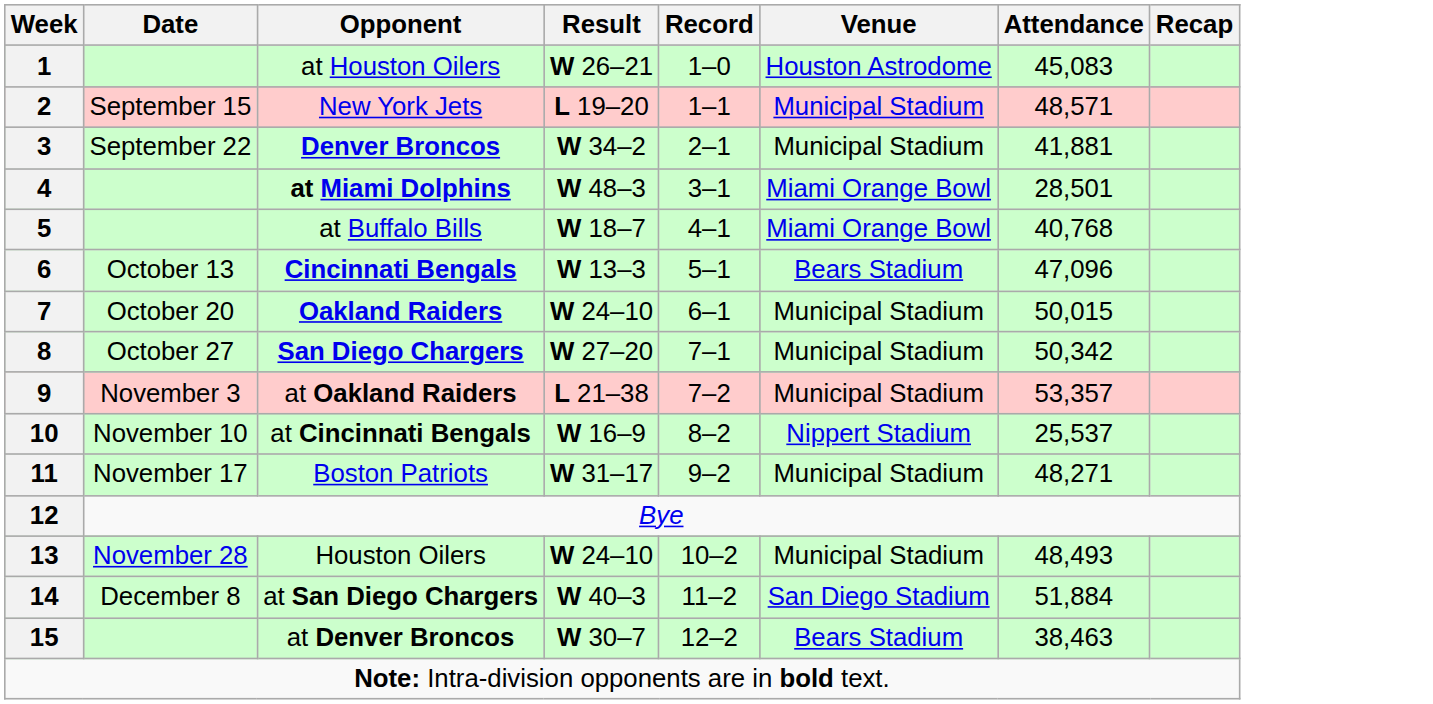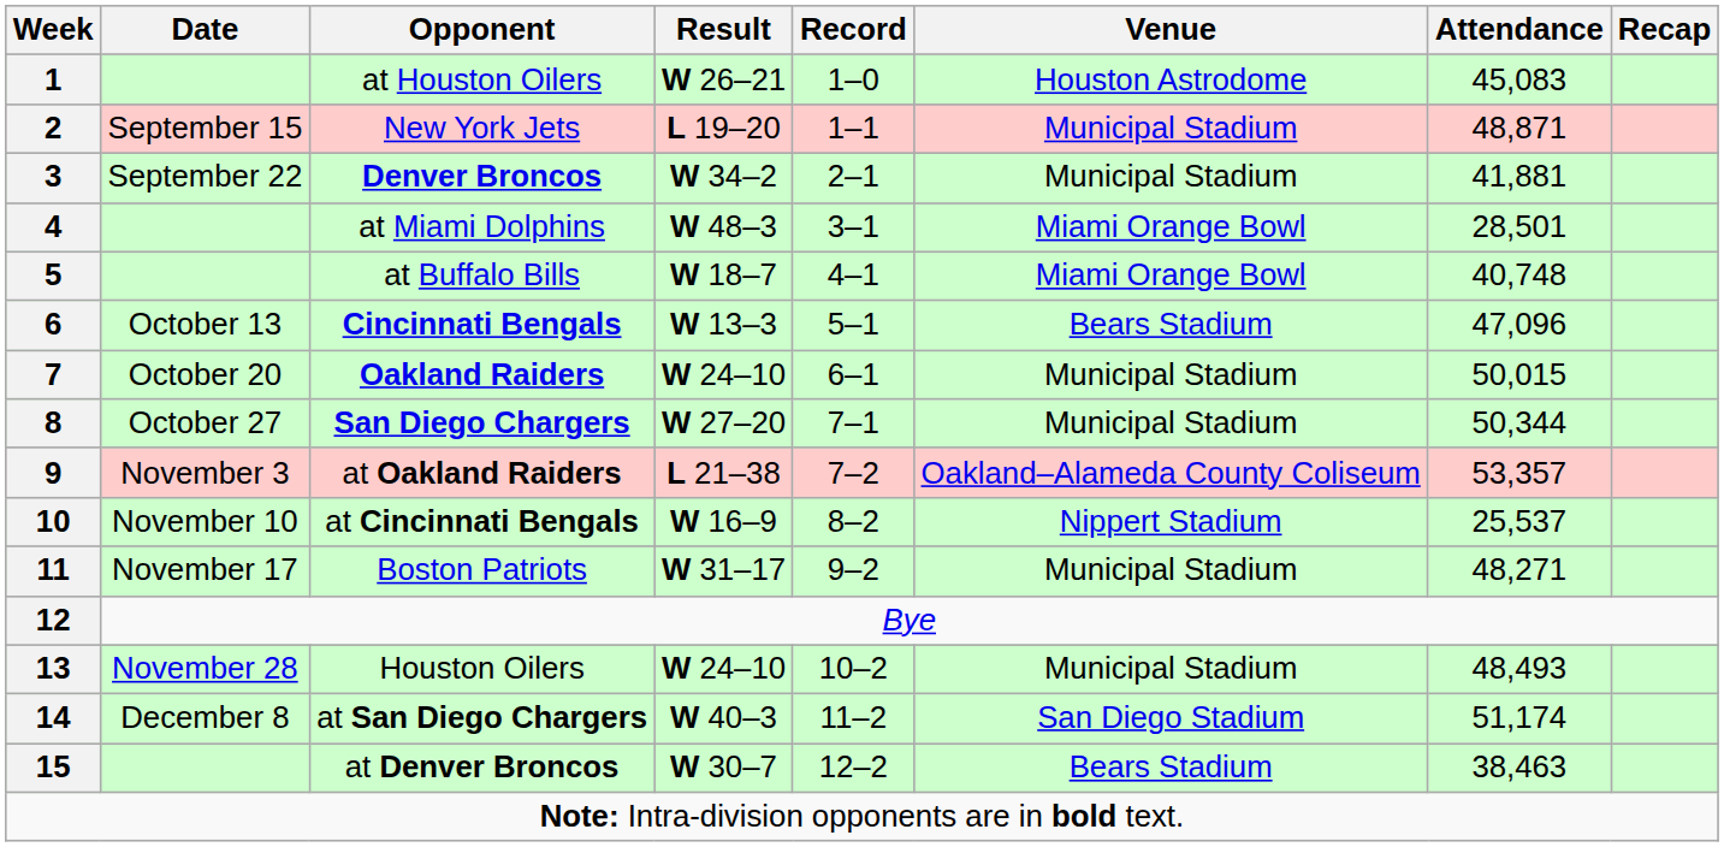 <table class="wikitable" style="text-align:center">
 <tr>
 <th>Week</th>
 <th>Date</th>
 <th>Opponent</th>
 <th>Result</th>
 <th>Record</th>
 <th>Venue</th>
 <th>Attendance</th>
 <th>Recap</th>
 </tr>
 <tr style="background:#cfc">
 <th>1</th>
 <td></td>
 <td>at <a href='#'>Houston Oilers</a></td>
 <td><strong>W</strong> 26–21</td>
 <td>1–0</td>
 <td><a href='#'>Houston Astrodome</a></td>
 <td>45,083</td>
 <td></td>
 </tr>
 <tr style="background:#fcc">
 <th>2</th>
 <td>September 15</td>
 <td><a href='#'>New York Jets</a></td>
 <td><strong>L</strong> 19–20</td>
 <td>1–1</td>
 <td><a href='#'>Municipal Stadium</a></td>
-<td>48,571</td>
+<td>48,871</td>
 <td></td>
 </tr>
 <tr style="background:#cfc">
 <th>3</th>
 <td>September 22</td>
 <td><strong><a href='#'>Denver Broncos</a></strong></td>
 <td><strong>W</strong> 34–2</td>
 <td>2–1</td>
 <td>Municipal Stadium</td>
 <td>41,881</td>
 <td></td>
 </tr>
 <tr style="background:#cfc">
 <th>4</th>
 <td></td>
-<td><strong>at <a href='#'>Miami Dolphins</a></strong></td>
+<td>at <a href='#'>Miami Dolphins</a></td>
 <td><strong>W</strong> 48–3</td>
 <td>3–1</td>
 <td><a href='#'>Miami Orange Bowl</a></td>
 <td>28,501</td>
 <td></td>
 </tr>
 <tr style="background:#cfc">
 <th>5</th>
 <td></td>
 <td>at <a href='#'>Buffalo Bills</a></td>
 <td><strong>W</strong> 18–7</td>
 <td>4–1</td>
 <td><a href='#'>Miami Orange Bowl</a></td>
-<td>40,768</td>
+<td>40,748</td>
 <td></td>
 </tr>
 <tr style="background:#cfc">
 <th>6</th>
 <td>October 13</td>
 <td><strong><a href='#'>Cincinnati Bengals</a></strong></td>
 <td><strong>W</strong> 13–3</td>
 <td>5–1</td>
 <td><a href='#'>Bears Stadium</a></td>
 <td>47,096</td>
 <td></td>
 </tr>
 <tr style="background:#cfc">
 <th>7</th>
 <td>October 20</td>
 <td><strong><a href='#'>Oakland Raiders</a></strong></td>
 <td><strong>W</strong> 24–10</td>
 <td>6–1</td>
 <td>Municipal Stadium</td>
 <td>50,015</td>
 <td></td>
 </tr>
 <tr style="background:#cfc">
 <th>8</th>
 <td>October 27</td>
 <td><strong><a href='#'>San Diego Chargers</a></strong></td>
 <td><strong>W</strong> 27–20</td>
 <td>7–1</td>
 <td>Municipal Stadium</td>
-<td>50,342</td>
+<td>50,344</td>
 <td></td>
 </tr>
 <tr style="background:#fcc">
 <th>9</th>
 <td>November 3</td>
 <td>at <strong>Oakland Raiders</strong></td>
 <td><strong>L</strong> 21–38</td>
 <td>7–2</td>
-<td>Municipal Stadium</td>
+<td><a href='#'>Oakland–Alameda County Coliseum</a></td>
 <td>53,357</td>
 <td></td>
 </tr>
 <tr style="background:#cfc">
 <th>10</th>
 <td>November 10</td>
 <td>at <strong>Cincinnati Bengals</strong></td>
 <td><strong>W</strong> 16–9</td>
 <td>8–2</td>
 <td><a href='#'>Nippert Stadium</a></td>
 <td>25,537</td>
 <td></td>
 </tr>
 <tr style="background:#cfc">
 <th>11</th>
 <td>November 17</td>
 <td><a href='#'>Boston Patriots</a></td>
 <td><strong>W</strong> 31–17</td>
 <td>9–2</td>
 <td>Municipal Stadium</td>
 <td>48,271</td>
 <td></td>
 </tr>
 <tr>
 <th>12</th>
 <td colspan="7"><em><a href='#'>Bye</a></em></td>
 </tr>
 <tr style="background:#cfc">
 <th>13</th>
 <td><a href='#'>November 28</a></td>
 <td>Houston Oilers</td>
 <td><strong>W</strong> 24–10</td>
 <td>10–2</td>
 <td>Municipal Stadium</td>
 <td>48,493</td>
 <td></td>
 </tr>
 <tr style="background:#cfc">
 <th>14</th>
 <td>December 8</td>
 <td>at <strong>San Diego Chargers</strong></td>
 <td><strong>W</strong> 40–3</td>
 <td>11–2</td>
 <td><a href='#'>San Diego Stadium</a></td>
-<td>51,884</td>
+<td>51,174</td>
 <td></td>
 </tr>
 <tr style="background:#cfc">
 <th>15</th>
 <td></td>
 <td>at <strong>Denver Broncos</strong></td>
 <td><strong>W</strong> 30–7</td>
 <td>12–2</td>
 <td><a href='#'>Bears Stadium</a></td>
 <td>38,463</td>
 <td></td>
 </tr>
 <tr>
 <td colspan="8"><strong>Note:</strong> Intra-division opponents are in <strong>bold</strong> text.</td>
 </tr>
 </table>
